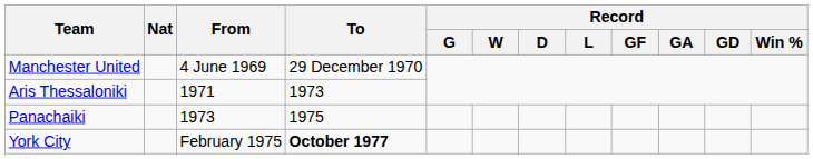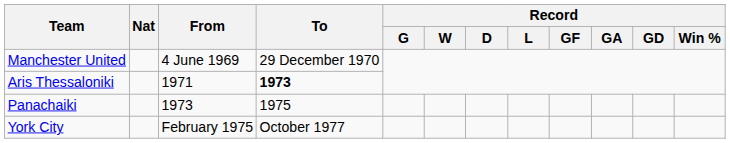 <table class=wikitable style=text-align:center>
 <tr>
 <th rowspan=2>Team</th>
 <th rowspan=2>Nat</th>
 <th rowspan=2>From</th>
 <th rowspan=2>To</th>
 <th colspan=8>Record</th>
 </tr>
 <tr>
 <th width=40>G</th>
 <th width=40>W</th>
 <th width=40>D</th>
 <th width=40>L</th>
 <th width=40>GF</th>
 <th width=40>GA</th>
 <th width=40>GD</th>
 <th width=50>Win %</th>
 </tr>
 <tr>
 <td align=left><a href='#'>Manchester United</a></td>
 <td></td>
 <td align=left>4 June 1969</td>
 <td align=left>29 December 1970<br></td>
 </tr>
 <tr>
 <td align=left><a href='#'>Aris Thessaloniki</a></td>
 <td></td>
 <td align=left>1971</td>
-<td align=left>1973<br></td>
+<td align=left><strong>1973<br></strong></td>
 </tr>
 <tr>
 <td align=left><a href='#'>Panachaiki</a></td>
 <td></td>
 <td align=left>1973</td>
 <td align=left>1975</td>
 <td></td>
 <td></td>
 <td></td>
 <td></td>
 <td></td>
 <td></td>
 <td></td>
 <td></td>
 </tr>
 <tr>
 <td align=left><a href='#'>York City</a></td>
 <td></td>
 <td align=left>February 1975</td>
-<td align=left><strong>October 1977</strong></td>
+<td align=left>October 1977</td>
 <td></td>
 <td></td>
 <td></td>
 <td></td>
 <td></td>
 <td></td>
 <td></td>
 <td></td>
 </tr>
 </table>
